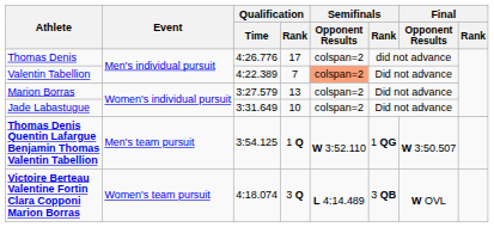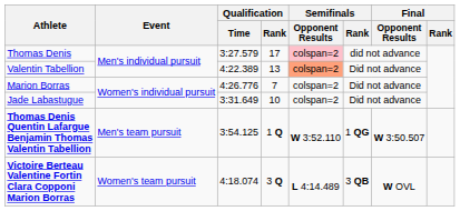 <table class="wikitable" style="font-size:90%">
 <tr>
 <th rowspan=2>Athlete</th>
 <th rowspan=2>Event</th>
 <th colspan=2>Qualification</th>
 <th colspan=2>Semifinals</th>
 <th colspan=2>Final</th>
 </tr>
 <tr style="font-size:95%">
 <th>Time</th>
 <th>Rank</th>
 <th>Opponent<br>Results</th>
 <th>Rank</th>
 <th>Opponent<br>Results</th>
 <th>Rank</th>
 </tr>
 <tr align=center>
 <td align=left><a href='#'>Thomas Denis</a></td>
 <td align=left rowspan=2><a href='#'>Men's individual pursuit</a></td>
-<td>4:26.776</td>
+<td>3:27.579</td>
 <td>17</td>
-<td>colspan=2</td>
+<td style="background: pink;">colspan=2</td>
 <td colspan=2>did not advance</td>
 </tr>
 <tr align=center>
 <td align=left><a href='#'>Valentin Tabellion</a></td>
 <td>4:22.389</td>
-<td>7</td>
+<td>13</td>
 <td style="background: lightsalmon;">colspan=2</td>
 <td colspan=2>Did not advance</td>
 </tr>
 <tr align=center>
 <td align=left><a href='#'>Marion Borras</a></td>
 <td align=left rowspan=2><a href='#'>Women's individual pursuit</a></td>
-<td>3:27.579</td>
-<td>13</td>
+<td>4:26.776</td>
+<td>7</td>
 <td>colspan=2</td>
 <td colspan=2>Did not advance</td>
 </tr>
 <tr align=center>
 <td align=left><a href='#'>Jade Labastugue</a></td>
 <td>3:31.649</td>
 <td>10</td>
 <td>colspan=2</td>
 <td colspan=2>Did not advance</td>
 </tr>
 <tr align=center>
 <td align=left><strong><a href='#'>Thomas Denis</a><br><a href='#'>Quentin Lafargue</a><br><a href='#'>Benjamin Thomas</a><br><a href='#'>Valentin Tabellion</a></strong></td>
 <td align=left><a href='#'>Men's team pursuit</a></td>
 <td>3:54.125</td>
 <td>1 <strong>Q</strong></td>
 <td><br><strong>W</strong> 3:52.110</td>
 <td>1 <strong>QG</strong></td>
 <td><br><strong>W</strong> 3:50.507</td>
 <td></td>
 </tr>
 <tr align=center>
 <td align=left><strong><a href='#'>Victoire Berteau</a><br><a href='#'>Valentine Fortin</a><br><a href='#'>Clara Copponi</a><br><a href='#'>Marion Borras</a></strong></td>
 <td align=left><a href='#'>Women's team pursuit</a></td>
 <td>4:18.074</td>
 <td>3 <strong>Q</strong></td>
 <td><br><strong>L</strong> 4:14.489</td>
 <td>3 <strong>QB</strong></td>
 <td><br><strong>W</strong> OVL</td>
 <td></td>
 </tr>
 </table>
